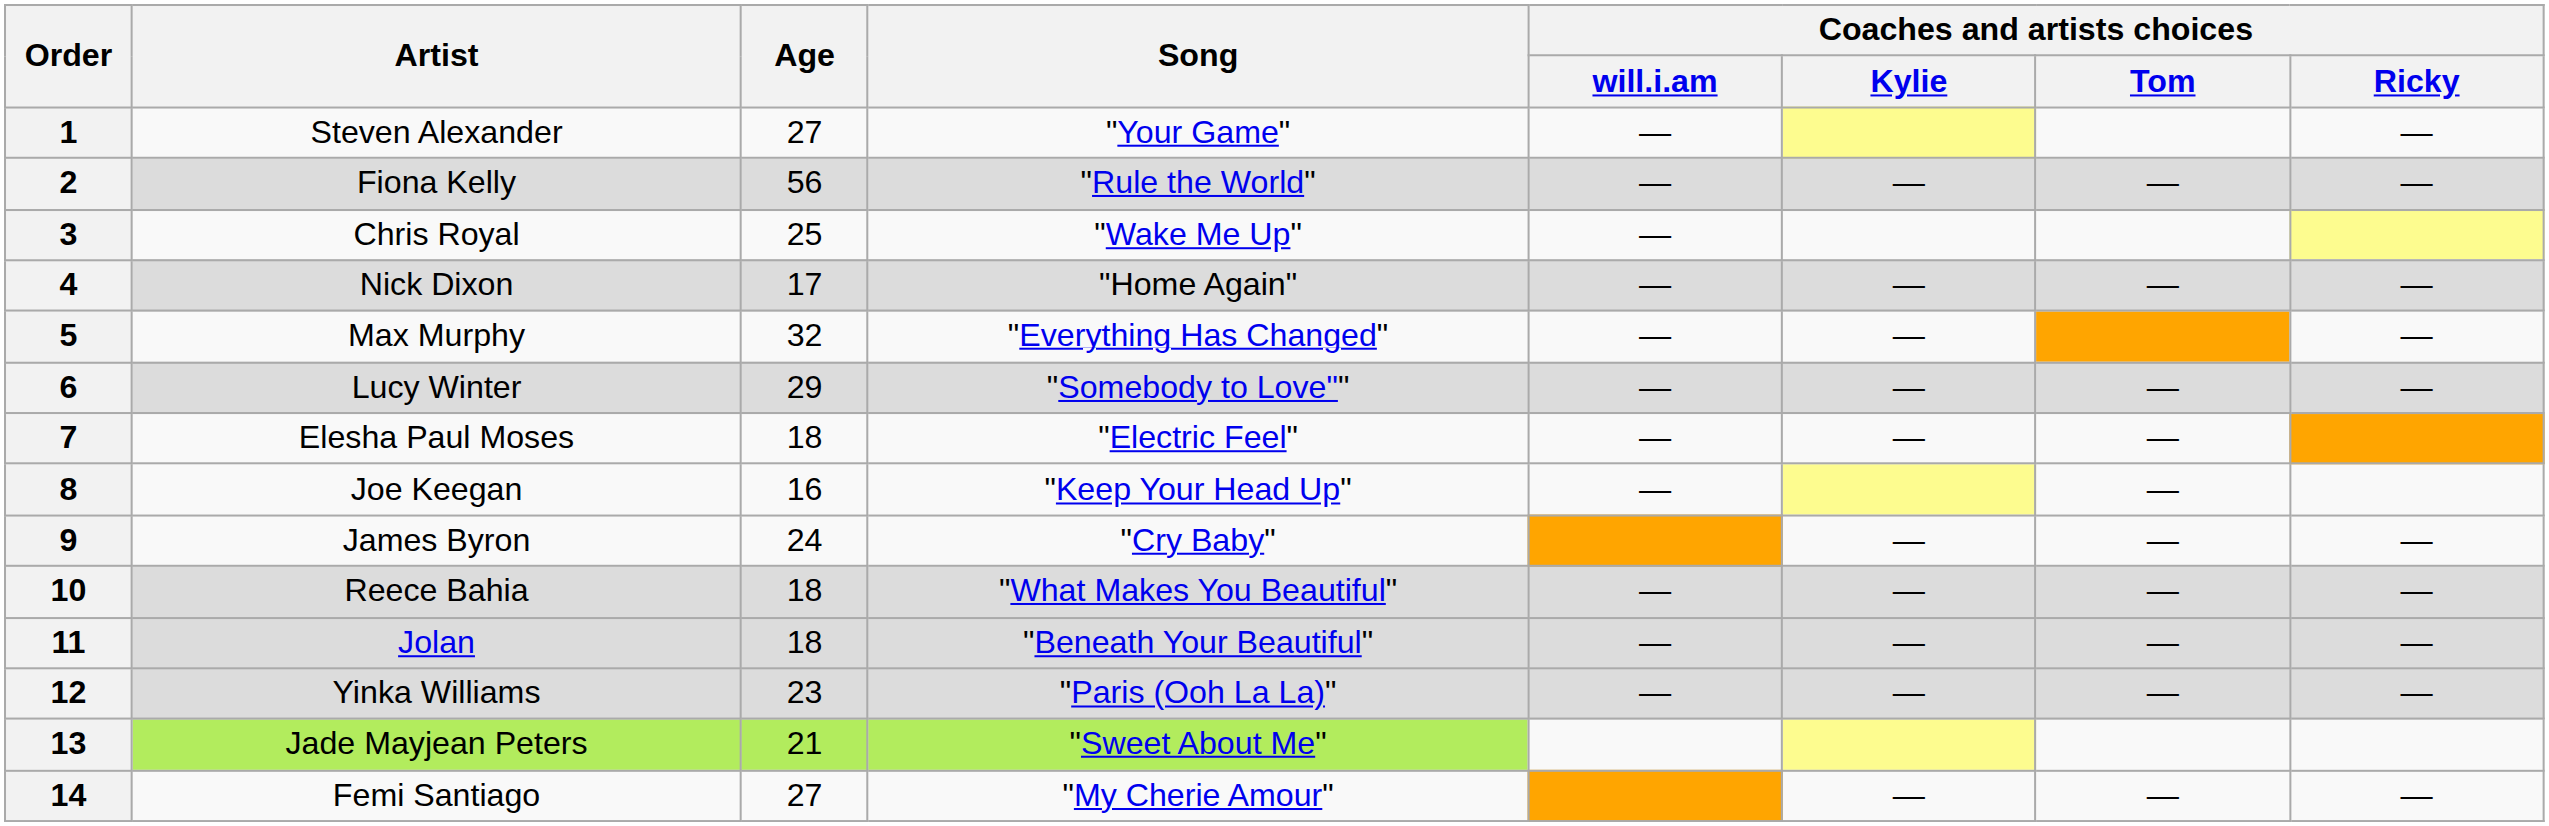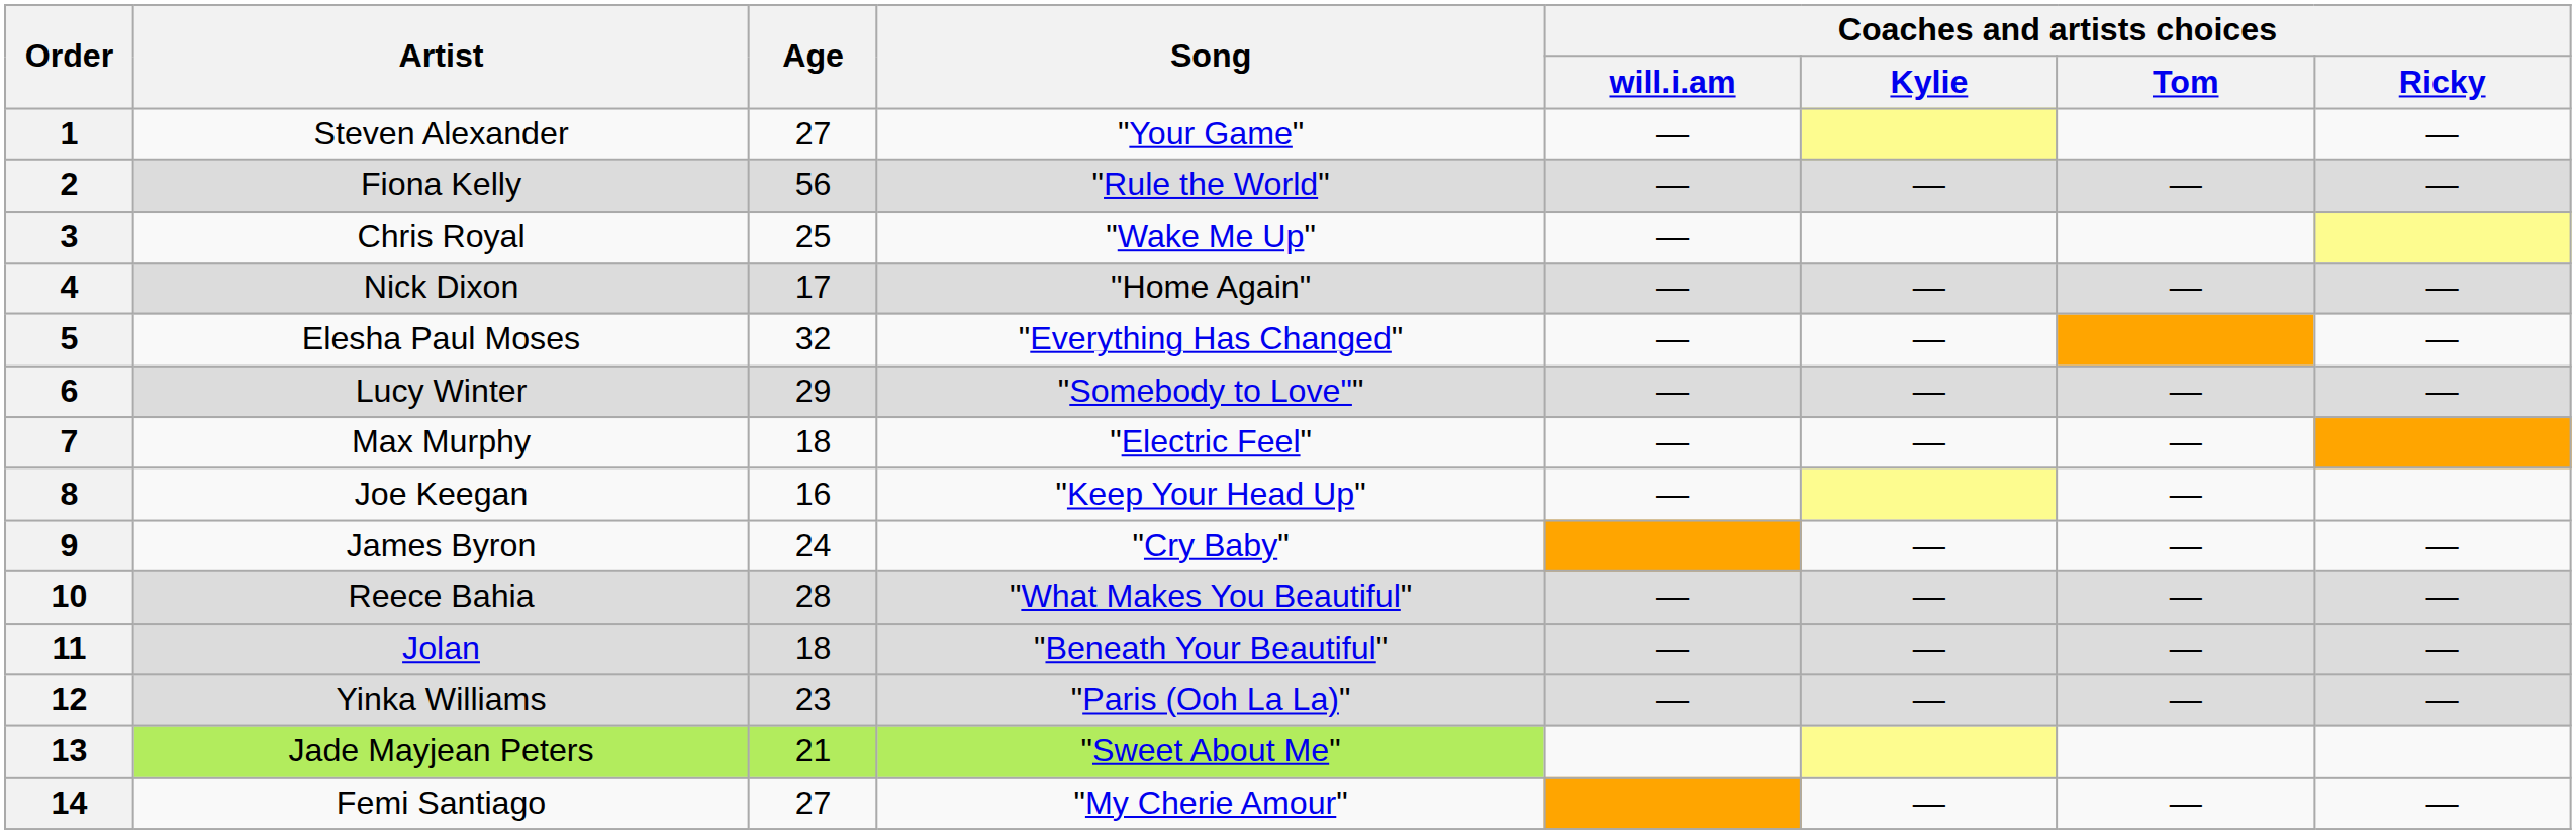 <table class="wikitable" style="text-align:center; width:100%;">
 <tr>
 <th scope="col" rowspan="2" style="width:05%;">Order</th>
 <th scope="col" rowspan="2" style="width:24%;">Artist</th>
 <th scope="col" rowspan="2" style="width:05%;">Age</th>
 <th scope="col" rowspan="2" style="width:26%;">Song</th>
 <th colspan="4" style="width:40%;">Coaches and artists choices</th>
 </tr>
 <tr>
 <th style="width:10%;"><a href='#'>will.i.am</a></th>
 <th style="width:10%;"><a href='#'>Kylie</a></th>
 <th style="width:10%;"><a href='#'>Tom</a></th>
 <th style="width:10%;"><a href='#'>Ricky</a></th>
 </tr>
 <tr>
 <th scope="col">1</th>
 <td>Steven Alexander</td>
 <td>27</td>
 <td>"<a href='#'>Your Game</a>"</td>
 <td>—</td>
 <td style="background:#fdfc8f;text-align:center;"><strong></strong></td>
 <td><strong></strong></td>
 <td>—</td>
 </tr>
 <tr style="background:#DCDCDC">
 <th scope="col">2</th>
 <td>Fiona Kelly</td>
 <td>56</td>
 <td>"<a href='#'>Rule the World</a>"</td>
 <td>—</td>
 <td>—</td>
 <td>—</td>
 <td>—</td>
 </tr>
 <tr>
 <th scope="col">3</th>
 <td>Chris Royal</td>
 <td>25</td>
 <td>"<a href='#'>Wake Me Up</a>"</td>
 <td>—</td>
 <td><strong></strong></td>
 <td><strong></strong></td>
 <td style="background:#fdfc8f;text-align:center;"><strong></strong></td>
 </tr>
 <tr style="background:#DCDCDC">
 <th scope="col">4</th>
 <td style="background:#DCDCDC; text-align:center;">Nick Dixon</td>
 <td style="background:#DCDCDC; text-align:center;">17</td>
 <td style="background:#DCDCDC; text-align:center;">"Home Again"</td>
 <td>—</td>
 <td>—</td>
 <td>—</td>
 <td>—</td>
 </tr>
 <tr>
 <th scope="col">5</th>
-<td>Max Murphy</td>
+<td>Elesha Paul Moses</td>
 <td>32</td>
 <td>"<a href='#'>Everything Has Changed</a>"</td>
 <td>—</td>
 <td>—</td>
 <td style="background:orange;text-align:center;"><strong></strong></td>
 <td>—</td>
 </tr>
 <tr style="background:#DCDCDC">
 <th scope="col">6</th>
 <td style="background:#DCDCDC; text-align:center;">Lucy Winter</td>
 <td style="background:#DCDCDC; text-align:center;">29</td>
 <td style="background:#DCDCDC; text-align:center;">"<a href='#'>Somebody to Love"</a>"</td>
 <td>—</td>
 <td>—</td>
 <td>—</td>
 <td>—</td>
 </tr>
 <tr>
 <th scope="col">7</th>
-<td>Elesha Paul Moses</td>
+<td>Max Murphy</td>
 <td>18</td>
 <td>"<a href='#'>Electric Feel</a>"</td>
 <td>—</td>
 <td>—</td>
 <td>—</td>
 <td style="background:orange;text-align:center;"><strong></strong></td>
 </tr>
 <tr>
 <th scope="col">8</th>
 <td>Joe Keegan</td>
 <td>16</td>
 <td>"<a href='#'>Keep Your Head Up</a>"</td>
 <td>—</td>
 <td style="background:#fdfc8f;text-align:center;"><strong></strong></td>
 <td>—</td>
 <td><strong></strong></td>
 </tr>
 <tr>
 <th scope="col">9</th>
 <td>James Byron</td>
 <td>24</td>
 <td>"<a href='#'>Cry Baby</a>"</td>
 <td style="background:orange;text-align:center;"><strong></strong></td>
 <td>—</td>
 <td>—</td>
 <td>—</td>
 </tr>
 <tr style="background:#DCDCDC">
 <th scope="col">10</th>
 <td style="background:#DCDCDC; text-align:center;">Reece Bahia</td>
-<td style="background:#DCDCDC; text-align:center;">18</td>
+<td style="background:#DCDCDC; text-align:center;">28</td>
 <td style="background:#DCDCDC; text-align:center;">"<a href='#'>What Makes You Beautiful</a>"</td>
 <td>—</td>
 <td>—</td>
 <td>—</td>
 <td>—</td>
 </tr>
 <tr style="background:#DCDCDC">
 <th scope="col">11</th>
 <td style="background:#DCDCDC; text-align:center;"><a href='#'>Jolan</a></td>
 <td style="background:#DCDCDC; text-align:center;">18</td>
 <td style="background:#DCDCDC; text-align:center;">"<a href='#'>Beneath Your Beautiful</a>"</td>
 <td>—</td>
 <td>—</td>
 <td>—</td>
 <td>—</td>
 </tr>
 <tr style="background:#DCDCDC">
 <th scope="col">12</th>
 <td style="background:#DCDCDC; text-align:center;">Yinka Williams</td>
 <td style="background:#DCDCDC; text-align:center;">23</td>
 <td style="background:#DCDCDC; text-align:center;">"<a href='#'>Paris (Ooh La La)</a>"</td>
 <td>—</td>
 <td>—</td>
 <td>—</td>
 <td>—</td>
 </tr>
 <tr>
 <th scope="col">13</th>
 <td style="background-color:#B2EC5D;">Jade Mayjean Peters</td>
 <td style="background-color:#B2EC5D;">21</td>
 <td style="background-color:#B2EC5D;">"<a href='#'>Sweet About Me</a>"</td>
 <td><strong></strong></td>
 <td style="background:#fdfc8f;text-align:center;"><strong></strong></td>
 <td><strong></strong></td>
 <td><strong></strong></td>
 </tr>
 <tr>
 <th scope="col">14</th>
 <td>Femi Santiago</td>
 <td>27</td>
 <td>"<a href='#'>My Cherie Amour</a>"</td>
 <td style="background:orange;text-align:center;"><strong></strong></td>
 <td>—</td>
 <td>—</td>
 <td>—</td>
 </tr>
 </table>
